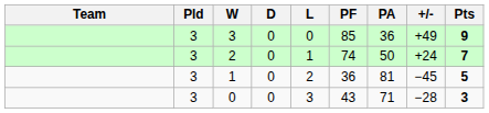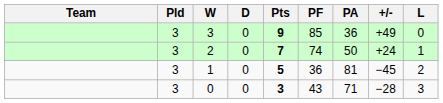 <table class="wikitable" style="text-align: center;">
 <tr>
 <th width="200">Team</th>
 <th width="40">Pld</th>
 <th width="40">W</th>
 <th width="40">D</th>
-<th width="40">L</th>
+<th width="40">Pts</th>
 <th width="40">PF</th>
 <th width="40">PA</th>
 <th width="40">+/-</th>
-<th width="40">Pts</th>
+<th width="40">L</th>
 </tr>
 <tr style="background-color:#ccffcc">
 <td style="text-align:left;"></td>
 <td>3</td>
 <td>3</td>
 <td>0</td>
-<td>0</td>
+<td><strong>9</strong></td>
 <td>85</td>
 <td>36</td>
 <td>+49</td>
-<td><strong>9</strong></td>
+<td>0</td>
 </tr>
 <tr style="background-color:#ccffcc">
 <td style="text-align:left;"></td>
 <td>3</td>
 <td>2</td>
 <td>0</td>
-<td>1</td>
+<td><strong>7</strong></td>
 <td>74</td>
 <td>50</td>
 <td>+24</td>
-<td><strong>7</strong></td>
+<td>1</td>
 </tr>
 <tr>
 <td style="text-align:left;"></td>
 <td>3</td>
 <td>1</td>
 <td>0</td>
-<td>2</td>
+<td><strong>5</strong></td>
 <td>36</td>
 <td>81</td>
 <td>−45</td>
-<td><strong>5</strong></td>
+<td>2</td>
 </tr>
 <tr>
 <td style="text-align:left;"></td>
 <td>3</td>
 <td>0</td>
 <td>0</td>
-<td>3</td>
+<td><strong>3</strong></td>
 <td>43</td>
 <td>71</td>
 <td>−28</td>
-<td><strong>3</strong></td>
+<td>3</td>
 </tr>
 </table>
